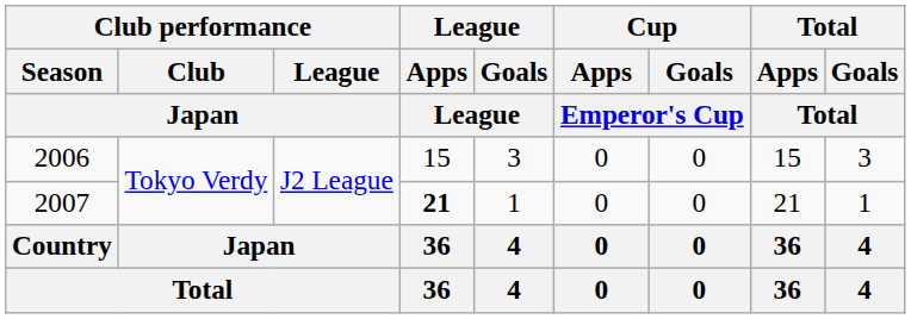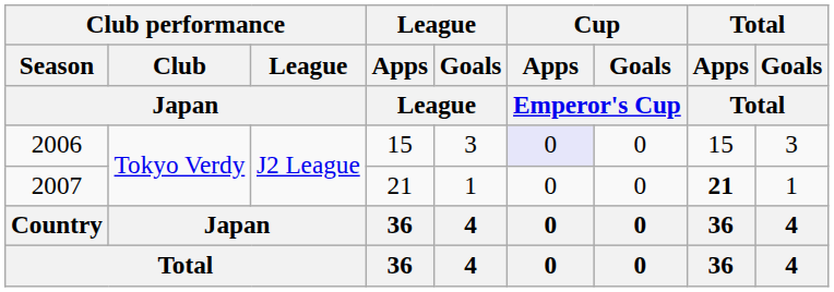 <table class="wikitable" style="text-align:center;">
 <tr>
 <th colspan=3>Club performance</th>
 <th colspan=2>League</th>
 <th colspan=2>Cup</th>
 <th colspan=2>Total</th>
 </tr>
 <tr>
 <th>Season</th>
 <th>Club</th>
 <th>League</th>
 <th>Apps</th>
 <th>Goals</th>
 <th>Apps</th>
 <th>Goals</th>
 <th>Apps</th>
 <th>Goals</th>
 </tr>
 <tr>
 <th colspan=3>Japan</th>
 <th colspan=2>League</th>
 <th colspan=2><a href='#'>Emperor's Cup</a></th>
 <th colspan=2>Total</th>
 </tr>
 <tr>
 <td>2006</td>
 <td rowspan="2"><a href='#'>Tokyo Verdy</a></td>
 <td rowspan="2"><a href='#'>J2 League</a></td>
 <td>15</td>
 <td>3</td>
-<td>0</td>
+<td style="background: lavender;">0</td>
 <td>0</td>
 <td>15</td>
 <td>3</td>
 </tr>
 <tr>
 <td>2007</td>
-<td><strong>21</strong></td>
+<td>21</td>
 <td>1</td>
 <td>0</td>
 <td>0</td>
-<td>21</td>
+<td><strong>21</strong></td>
 <td>1</td>
 </tr>
 <tr>
 <th rowspan=1>Country</th>
 <th colspan=2>Japan</th>
 <th>36</th>
 <th>4</th>
 <th>0</th>
 <th>0</th>
 <th>36</th>
 <th>4</th>
 </tr>
 <tr>
 <th colspan=3>Total</th>
 <th>36</th>
 <th>4</th>
 <th>0</th>
 <th>0</th>
 <th>36</th>
 <th>4</th>
 </tr>
 </table>
